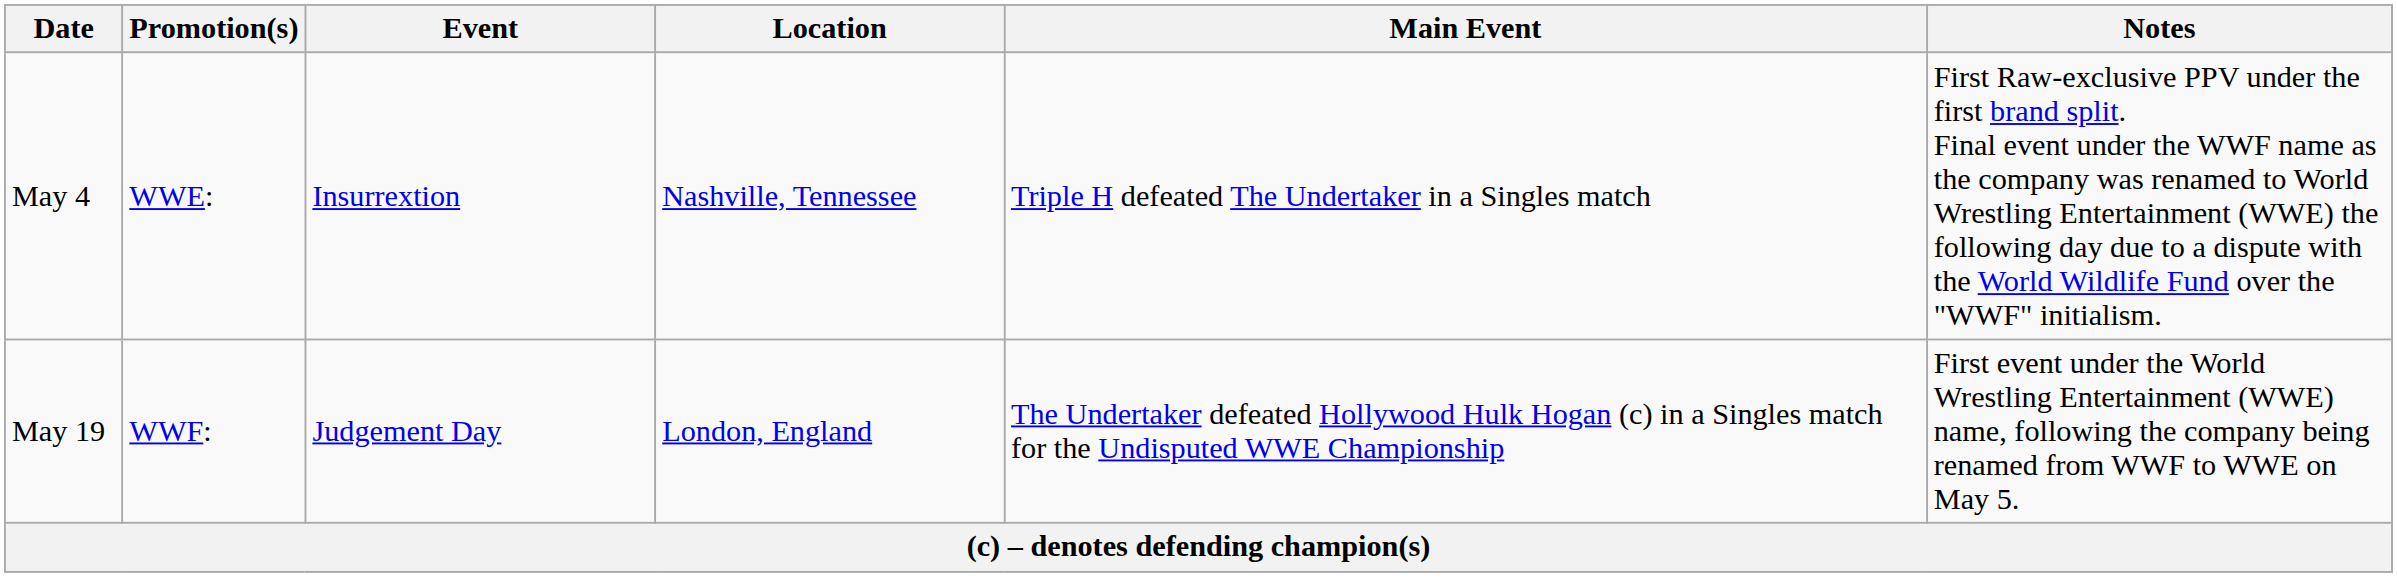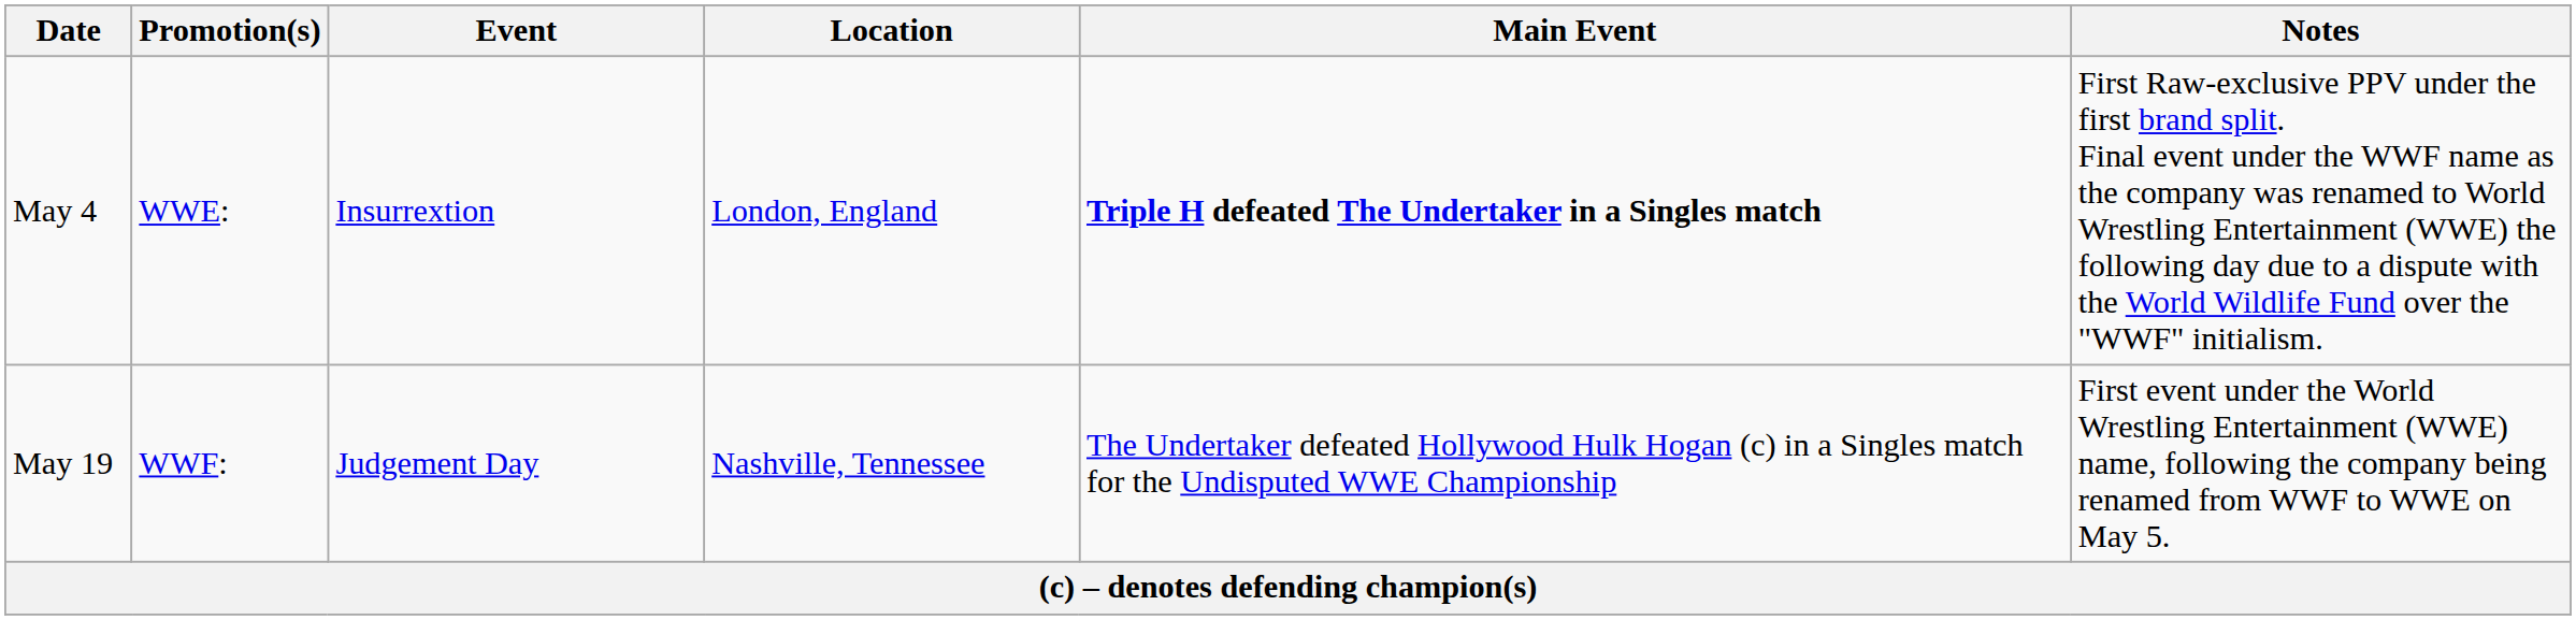 <table class="wikitable" style="width:100%;">
 <tr>
 <th width="5%">Date</th>
 <th width="5%">Promotion(s)</th>
 <th style="width:15%;">Event</th>
 <th style="width:15%;">Location</th>
 <th style="width:40%;">Main Event</th>
 <th style="width:20%;">Notes</th>
 </tr>
 <tr>
 <td>May 4</td>
 <td><a href='#'>WWE</a>:<br></td>
 <td><a href='#'>Insurrextion</a></td>
-<td><a href='#'>Nashville, Tennessee</a></td>
-<td><a href='#'>Triple H</a> defeated <a href='#'>The Undertaker</a> in a Singles match</td>
+<td><a href='#'>London, England</a></td>
+<td><strong><a href='#'>Triple H</a> defeated <a href='#'>The Undertaker</a> in a Singles match</strong></td>
 <td>First Raw-exclusive PPV under the first <a href='#'>brand split</a>.<br>Final event under the WWF name as the company was renamed to World Wrestling Entertainment (WWE) the following day due to a dispute with the <a href='#'>World Wildlife Fund</a> over the "WWF" initialism.</td>
 </tr>
 <tr>
 <td>May 19</td>
 <td><a href='#'>WWF</a>:<br></td>
 <td><a href='#'>Judgement Day</a></td>
-<td><a href='#'>London, England</a></td>
+<td><a href='#'>Nashville, Tennessee</a></td>
 <td><a href='#'>The Undertaker</a> defeated <a href='#'>Hollywood Hulk Hogan</a> (c) in a Singles match for the <a href='#'>Undisputed WWE Championship</a></td>
 <td>First event under the World Wrestling Entertainment (WWE) name, following the company being renamed from WWF to WWE on May 5.</td>
 </tr>
 <tr>
 <th colspan="6">(c) – denotes defending champion(s)</th>
 </tr>
 </table>
